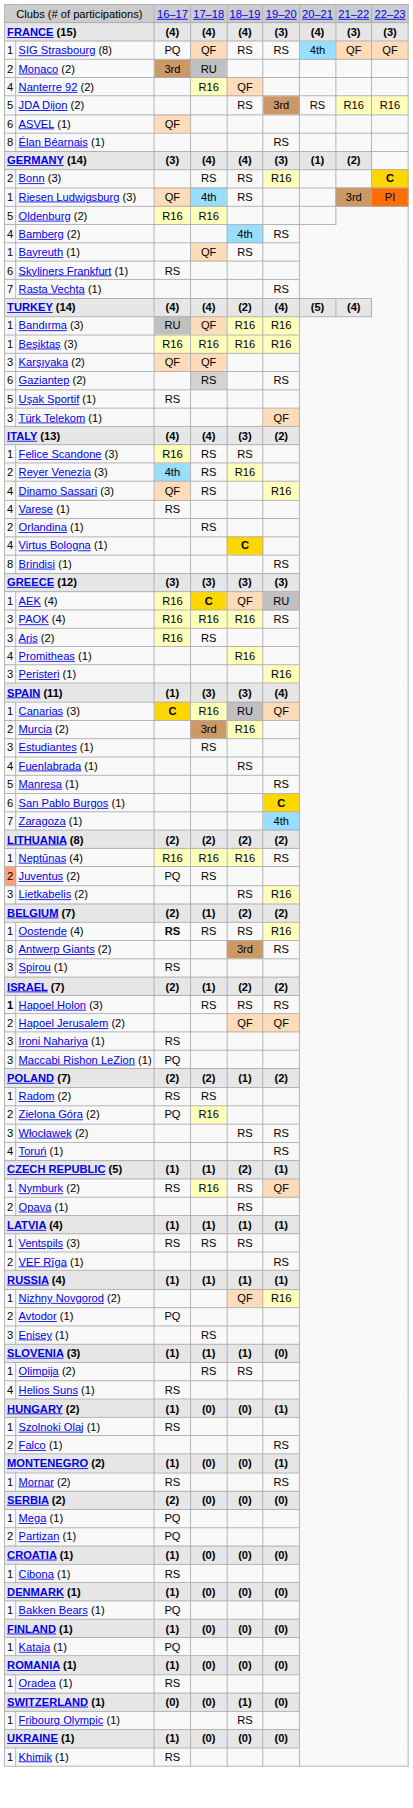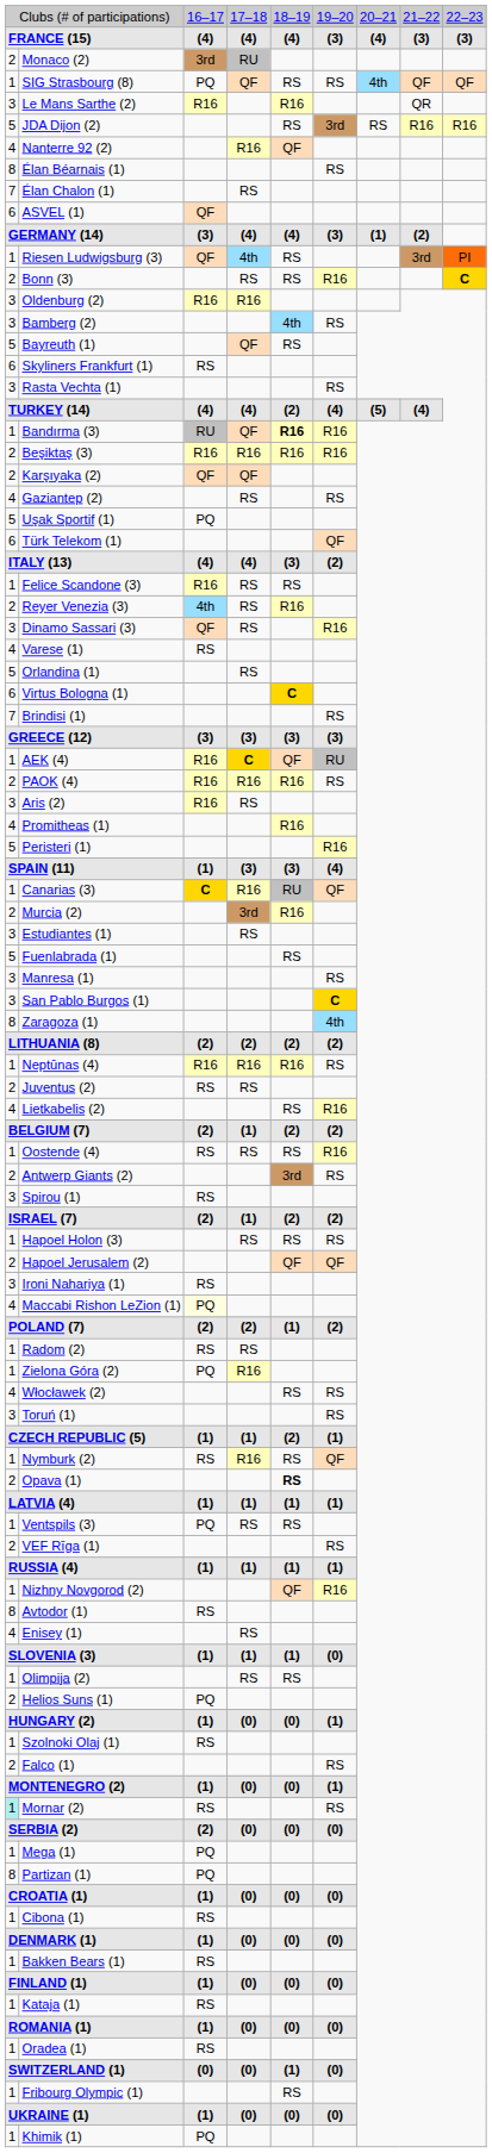 <table class=wikitable style="text-align:center;font-size:80%">
 <tr style="background:#ccc">
 <td colspan="2">Clubs (# of participations)</td>
 <td><a href='#'>16–17</a></td>
 <td><a href='#'>17–18</a></td>
 <td><a href='#'>18–19</a></td>
 <td><a href='#'>19–20</a></td>
 <td><a href='#'>20–21</a></td>
 <td><a href='#'>21–22</a></td>
 <td><a href='#'>22–23</a></td>
 </tr>
 <tr style="background:#e6e6e6">
 <td colspan="2" align="left"> <strong><a href='#'>FRANCE</a> (15)</strong></td>
 <td><strong>(4)</strong></td>
 <td><strong>(4)</strong></td>
 <td><strong>(4)</strong></td>
 <td><strong>(3)</strong></td>
 <td><strong>(4)</strong></td>
 <td><strong>(3)</strong></td>
 <td><strong>(3)</strong></td>
 </tr>
 <tr>
+<td>2</td>
+<td align="left"><a href='#'>Monaco</a> (2)</td>
+<td bgcolor="#cc9966">3rd</td>
+<td bgcolor="silver">RU</td>
+<td></td>
+<td></td>
+<td></td>
+<td></td>
+<td></td>
+</tr>
+<tr>
 <td>1</td>
 <td align="left"><a href='#'>SIG Strasbourg</a> (8)</td>
 <td>PQ</td>
 <td bgcolor="#FEDCBA">QF</td>
 <td>RS</td>
 <td>RS</td>
 <td bgcolor="#97DEFF">4th</td>
 <td bgcolor="#FEDCBA">QF</td>
 <td bgcolor="#FEDCBA">QF</td>
 </tr>
 <tr>
-<td>2</td>
-<td align="left"><a href='#'>Monaco</a> (2)</td>
-<td bgcolor="#cc9966">3rd</td>
-<td bgcolor="silver">RU</td>
+<td>3</td>
+<td align="left"><a href='#'>Le Mans Sarthe</a> (2)</td>
+<td bgcolor="#FFFFBB">R16</td>
+<td></td>
+<td bgcolor="#FFFFBB">R16</td>
 <td></td>
 <td></td>
-<td></td>
-<td></td>
-<td></td>
-</tr>
-<tr>
-<td>4</td>
-<td align="left"><a href='#'>Nanterre 92</a> (2)</td>
-<td></td>
-<td bgcolor="#FFFFBB">R16</td>
-<td bgcolor="#FEDCBA">QF</td>
-<td></td>
-<td></td>
-<td></td>
+<td>QR</td>
 <td></td>
 </tr>
 <tr>
 <td>5</td>
 <td align="left"><a href='#'>JDA Dijon</a> (2)</td>
 <td></td>
 <td></td>
 <td>RS</td>
 <td bgcolor="#CC9966">3rd</td>
 <td>RS</td>
 <td bgcolor="#FFFFBB">R16</td>
 <td bgcolor="#FFFFBB">R16</td>
 </tr>
 <tr>
-<td>6</td>
-<td align="left"><a href='#'>ASVEL</a> (1)</td>
+<td>4</td>
+<td align="left"><a href='#'>Nanterre 92</a> (2)</td>
+<td></td>
+<td bgcolor="#FFFFBB">R16</td>
 <td bgcolor="#FEDCBA">QF</td>
-<td></td>
-<td></td>
 <td></td>
 <td></td>
 <td></td>
 <td></td>
 </tr>
 <tr>
 <td>8</td>
 <td align="left"><a href='#'>Élan Béarnais</a> (1)</td>
 <td></td>
 <td></td>
 <td></td>
 <td>RS</td>
 <td></td>
 <td></td>
 <td></td>
 </tr>
+<tr>
+<td>7</td>
+<td align="left"><a href='#'>Élan Chalon</a> (1)</td>
+<td></td>
+<td>RS</td>
+<td></td>
+<td></td>
+<td></td>
+<td></td>
+<td></td>
+</tr>
+<tr>
+<td>6</td>
+<td align="left"><a href='#'>ASVEL</a> (1)</td>
+<td bgcolor="#FEDCBA">QF</td>
+<td></td>
+<td></td>
+<td></td>
+<td></td>
+<td></td>
+<td></td>
+</tr>
 <tr style="background:#e6e6e6">
 <td colspan="2" align="left"> <strong><a href='#'>GERMANY</a> (14)</strong></td>
 <td><strong>(3)</strong></td>
 <td><strong>(4)</strong></td>
 <td><strong>(4)</strong></td>
 <td><strong>(3)</strong></td>
 <td><strong>(1)</strong></td>
 <td><strong>(2)</strong></td>
+</tr>
+<tr>
+<td>1</td>
+<td align="left"><a href='#'>Riesen Ludwigsburg</a> (3)</td>
+<td bgcolor=#FEDCBA>QF</td>
+<td bgcolor=#97DEFF>4th</td>
+<td>RS</td>
+<td></td>
+<td></td>
+<td bgcolor="#CC9966">3rd</td>
+<td bgcolor=#ff6d09>PI</td>
 </tr>
 <tr>
 <td>2</td>
 <td align="left"><a href='#'>Bonn</a> (3)</td>
 <td></td>
 <td>RS</td>
 <td>RS</td>
 <td bgcolor="#FFFFBB">R16</td>
 <td></td>
 <td></td>
 <td bgcolor=gold><strong>C</strong></td>
 </tr>
 <tr>
-<td>1</td>
-<td align="left"><a href='#'>Riesen Ludwigsburg</a> (3)</td>
-<td bgcolor=#FEDCBA>QF</td>
-<td bgcolor=#97DEFF>4th</td>
-<td>RS</td>
-<td></td>
-<td></td>
-<td bgcolor="#CC9966">3rd</td>
-<td bgcolor=#ff6d09>PI</td>
-</tr>
-<tr>
-<td>5</td>
+<td>3</td>
 <td align="left"><a href='#'>Oldenburg</a> (2)</td>
 <td bgcolor=#ffffbb>R16</td>
 <td bgcolor=#ffffbb>R16</td>
 <td></td>
 <td></td>
 <td></td>
 </tr>
 <tr>
-<td>4</td>
+<td>3</td>
 <td align="left"><a href='#'>Bamberg</a> (2)</td>
 <td></td>
 <td></td>
 <td bgcolor=#97DEFF>4th</td>
 <td>RS</td>
 </tr>
 <tr>
-<td>1</td>
+<td>5</td>
 <td align="left"><a href='#'>Bayreuth</a> (1)</td>
 <td></td>
 <td bgcolor="#fedcba">QF</td>
 <td>RS</td>
 <td></td>
 </tr>
 <tr>
 <td>6</td>
 <td align="left"><a href='#'>Skyliners Frankfurt</a> (1)</td>
 <td>RS</td>
 <td></td>
 <td></td>
 <td></td>
 </tr>
 <tr>
-<td>7</td>
+<td>3</td>
 <td align="left"><a href='#'>Rasta Vechta</a> (1)</td>
 <td></td>
 <td></td>
 <td></td>
 <td>RS</td>
 </tr>
 <tr style="background:#e6e6e6">
 <td colspan="2" align="left"> <strong><a href='#'>TURKEY</a> (14)</strong></td>
 <td><strong>(4)</strong></td>
 <td><strong>(4)</strong></td>
 <td><strong>(2)</strong></td>
 <td><strong>(4)</strong></td>
 <td><strong>(5)</strong></td>
 <td><strong>(4)</strong></td>
 </tr>
 <tr>
 <td>1</td>
 <td align="left"><a href='#'>Bandırma</a> (3)</td>
 <td bgcolor="silver">RU</td>
 <td bgcolor="#FEDCBA">QF</td>
-<td bgcolor="#FFFFBB">R16</td>
+<td bgcolor="#FFFFBB"><strong>R16</strong></td>
 <td bgcolor="#FFFFBB">R16</td>
 </tr>
 <tr>
-<td>1</td>
+<td>2</td>
 <td align="left"><a href='#'>Beşiktaş</a> (3)</td>
 <td bgcolor="#FFFFBB">R16</td>
 <td bgcolor="#FFFFBB">R16</td>
 <td bgcolor="#FFFFBB">R16</td>
 <td bgcolor="#FFFFBB">R16</td>
 </tr>
 <tr>
-<td>3</td>
+<td>2</td>
 <td align="left"><a href='#'>Karşıyaka</a> (2)</td>
 <td bgcolor=#FEDCBA>QF</td>
 <td bgcolor=#FEDCBA>QF</td>
 <td></td>
 <td></td>
 </tr>
 <tr>
-<td>6</td>
+<td>4</td>
 <td align="left"><a href='#'>Gaziantep</a> (2)</td>
 <td></td>
-<td style="background: lightgrey;">RS</td>
+<td>RS</td>
 <td></td>
 <td>RS</td>
 </tr>
 <tr>
 <td>5</td>
 <td align="left"><a href='#'>Uşak Sportif</a> (1)</td>
-<td>RS</td>
+<td>PQ</td>
 <td></td>
 <td></td>
 <td></td>
 </tr>
 <tr>
-<td>3</td>
+<td>6</td>
 <td align="left"><a href='#'>Türk Telekom</a> (1)</td>
 <td></td>
 <td></td>
 <td></td>
 <td bgcolor=#FEDCBA>QF</td>
 </tr>
 <tr style="background:#e6e6e6">
 <td colspan="2" align="left"> <strong><a href='#'>ITALY</a> (13)</strong></td>
 <td><strong>(4)</strong></td>
 <td><strong>(4)</strong></td>
 <td><strong>(3)</strong></td>
 <td><strong>(2)</strong></td>
 </tr>
 <tr>
 <td>1</td>
 <td align="left"><a href='#'>Felice Scandone</a> (3)</td>
 <td bgcolor=#FFFFBB>R16</td>
 <td>RS</td>
 <td>RS</td>
 <td></td>
 </tr>
 <tr>
 <td>2</td>
 <td align="left"><a href='#'>Reyer Venezia</a> (3)</td>
 <td bgcolor=#97DEFF>4th</td>
 <td>RS</td>
 <td bgcolor="#FFFFBB">R16</td>
 <td></td>
 </tr>
 <tr>
-<td>4</td>
+<td>3</td>
 <td align="left"><a href='#'>Dinamo Sassari</a> (3)</td>
 <td bgcolor="#FEDCBA">QF</td>
 <td>RS</td>
 <td></td>
 <td bgcolor=#FFFFBB>R16</td>
 </tr>
 <tr>
 <td>4</td>
 <td align="left"><a href='#'>Varese</a> (1)</td>
 <td>RS</td>
 <td></td>
 <td></td>
 <td></td>
 </tr>
 <tr>
-<td>2</td>
+<td>5</td>
 <td align="left"><a href='#'>Orlandina</a> (1)</td>
 <td></td>
 <td>RS</td>
 <td></td>
 <td></td>
 </tr>
 <tr>
-<td>4</td>
+<td>6</td>
 <td align="left"><a href='#'>Virtus Bologna</a> (1)</td>
 <td></td>
 <td></td>
 <td bgcolor=gold><strong>C</strong></td>
 <td></td>
 </tr>
 <tr>
-<td>8</td>
+<td>7</td>
 <td align="left"><a href='#'>Brindisi</a> (1)</td>
 <td></td>
 <td></td>
 <td></td>
 <td>RS</td>
 </tr>
 <tr style="background:#e6e6e6">
 <td colspan="2" align="left"> <strong><a href='#'>GREECE</a> (12)</strong></td>
 <td><strong>(3)</strong></td>
 <td><strong>(3)</strong></td>
 <td><strong>(3)</strong></td>
 <td><strong>(3)</strong></td>
 </tr>
 <tr>
 <td>1</td>
 <td align="left"><a href='#'>AEK</a> (4)</td>
 <td bgcolor="#ffffbb">R16</td>
 <td bgcolor="gold"><strong>C</strong></td>
 <td bgcolor="#FEDCBA">QF</td>
 <td bgcolor="silver">RU</td>
 </tr>
 <tr>
-<td>3</td>
+<td>2</td>
 <td align="left"><a href='#'>PAOK</a> (4)</td>
 <td bgcolor=#ffffbb>R16</td>
 <td bgcolor=#FFFFBB>R16</td>
 <td bgcolor=#FFFFBB>R16</td>
 <td>RS</td>
 </tr>
 <tr>
 <td>3</td>
 <td align="left"><a href='#'>Aris</a> (2)</td>
 <td bgcolor="#ffffbb">R16</td>
 <td>RS</td>
 <td></td>
 <td></td>
 </tr>
 <tr>
 <td>4</td>
 <td align=left><a href='#'>Promitheas</a> (1)</td>
 <td></td>
 <td></td>
 <td bgcolor="#FFFFBB">R16</td>
 <td></td>
 </tr>
 <tr>
-<td>3</td>
+<td>5</td>
 <td align="left"><a href='#'>Peristeri</a> (1)</td>
 <td></td>
 <td></td>
 <td></td>
 <td bgcolor=#FFFFBB>R16</td>
 </tr>
 <tr style="background:#e6e6e6">
 <td colspan="2" align="left"> <strong><a href='#'>SPAIN</a> (11)</strong></td>
 <td><strong>(1)</strong></td>
 <td><strong>(3)</strong></td>
 <td><strong>(3)</strong></td>
 <td><strong>(4)</strong></td>
 </tr>
 <tr>
 <td>1</td>
 <td align="left"><a href='#'>Canarias</a> (3)</td>
 <td bgcolor="gold"><strong>C</strong></td>
 <td bgcolor="#FFFFBB">R16</td>
 <td bgcolor=silver>RU</td>
 <td bgcolor=FEDCBA>QF</td>
 </tr>
 <tr>
 <td>2</td>
 <td align="left"><a href='#'>Murcia</a> (2)</td>
 <td></td>
 <td bgcolor="#CC9966">3rd</td>
 <td bgcolor="#FFFFBB">R16</td>
 <td></td>
 </tr>
 <tr>
 <td>3</td>
 <td align="left"><a href='#'>Estudiantes</a> (1)</td>
 <td></td>
 <td>RS</td>
 <td></td>
 <td></td>
 </tr>
 <tr>
-<td>4</td>
+<td>5</td>
 <td align=left><a href='#'>Fuenlabrada</a> (1)</td>
 <td></td>
 <td></td>
 <td>RS</td>
 <td></td>
 </tr>
 <tr>
-<td>5</td>
+<td>3</td>
 <td align=left><a href='#'>Manresa</a> (1)</td>
 <td></td>
 <td></td>
 <td></td>
 <td>RS</td>
 </tr>
 <tr>
-<td>6</td>
+<td>3</td>
 <td align=left><a href='#'>San Pablo Burgos</a> (1)</td>
 <td></td>
 <td></td>
 <td></td>
 <td bgcolor=gold><strong>C</strong></td>
 </tr>
 <tr>
-<td>7</td>
+<td>8</td>
 <td align=left><a href='#'>Zaragoza</a> (1)</td>
 <td></td>
 <td></td>
 <td></td>
 <td bgcolor=#97DEFF>4th</td>
 </tr>
 <tr style="background:#e6e6e6">
 <td colspan="2" align="left"> <strong><a href='#'>LITHUANIA</a> (8)</strong></td>
 <td><strong>(2)</strong></td>
 <td><strong>(2)</strong></td>
 <td><strong>(2)</strong></td>
 <td><strong>(2)</strong></td>
 </tr>
 <tr>
 <td>1</td>
 <td align="left"><a href='#'>Neptūnas</a> (4)</td>
 <td bgcolor="#ffffbb">R16</td>
 <td bgcolor="#FFFFBB">R16</td>
 <td bgcolor="#FFFFBB">R16</td>
 <td>RS</td>
 </tr>
 <tr>
-<td style="background: lightsalmon;">2</td>
+<td>2</td>
 <td align="left"><a href='#'>Juventus</a> (2)</td>
-<td>PQ</td>
+<td>RS</td>
 <td>RS</td>
 <td></td>
 <td></td>
 </tr>
 <tr>
-<td>3</td>
+<td>4</td>
 <td align="left"><a href='#'>Lietkabelis</a> (2)</td>
 <td></td>
 <td></td>
 <td>RS</td>
 <td bgcolor="#FFFFBB">R16</td>
 </tr>
 <tr style="background:#e6e6e6">
 <td colspan="2" align="left"> <strong><a href='#'>BELGIUM</a> (7)</strong></td>
 <td><strong>(2)</strong></td>
 <td><strong>(1)</strong></td>
 <td><strong>(2)</strong></td>
 <td><strong>(2)</strong></td>
 </tr>
 <tr>
 <td>1</td>
 <td align="left"><a href='#'>Oostende</a> (4)</td>
-<td><strong>RS</strong></td>
+<td>RS</td>
 <td>RS</td>
 <td>RS</td>
 <td bgcolor=#FFFFBB>R16</td>
 </tr>
 <tr>
-<td>8</td>
+<td>2</td>
 <td align="left"><a href='#'>Antwerp Giants</a> (2)</td>
 <td></td>
 <td></td>
 <td bgcolor=#cc9966>3rd</td>
 <td>RS</td>
 </tr>
 <tr>
 <td>3</td>
 <td align="left"><a href='#'>Spirou</a> (1)</td>
 <td>RS</td>
 <td></td>
 <td></td>
 <td></td>
 </tr>
 <tr style="background:#e6e6e6">
 <td colspan="2" align="left"> <strong><a href='#'>ISRAEL</a> (7)</strong></td>
 <td><strong>(2)</strong></td>
 <td><strong>(1)</strong></td>
 <td><strong>(2)</strong></td>
 <td><strong>(2)</strong></td>
 </tr>
 <tr>
-<td><strong>1</strong></td>
+<td>1</td>
 <td align="left"><a href='#'>Hapoel Holon</a> (3)</td>
 <td></td>
 <td>RS</td>
 <td>RS</td>
 <td>RS</td>
 </tr>
 <tr>
 <td>2</td>
 <td align="left"><a href='#'>Hapoel Jerusalem</a> (2)</td>
 <td></td>
 <td></td>
 <td bgcolor="#FEDCBA">QF</td>
 <td bgcolor="#FEDCBA">QF</td>
 </tr>
 <tr>
 <td>3</td>
 <td align="left"><a href='#'>Ironi Nahariya</a> (1)</td>
 <td>RS</td>
 <td></td>
 <td></td>
 <td></td>
 </tr>
 <tr>
-<td>3</td>
+<td>4</td>
 <td align="left"><a href='#'>Maccabi Rishon LeZion</a> (1)</td>
-<td>PQ</td>
+<td style="background: lightyellow;">PQ</td>
 <td></td>
 <td></td>
 <td></td>
 </tr>
 <tr style="background:#e6e6e6">
 <td colspan="2" align="left"> <strong><a href='#'>POLAND</a> (7)</strong></td>
 <td><strong>(2)</strong></td>
 <td><strong>(2)</strong></td>
 <td><strong>(1)</strong></td>
 <td><strong>(2)</strong></td>
 </tr>
 <tr>
 <td>1</td>
 <td align="left"><a href='#'>Radom</a> (2)</td>
 <td>RS</td>
 <td>RS</td>
 <td></td>
 <td></td>
 </tr>
 <tr>
-<td>2</td>
+<td>1</td>
 <td align="left"><a href='#'>Zielona Góra</a> (2)</td>
 <td>PQ</td>
 <td bgcolor=#ffffbb>R16</td>
 <td></td>
 <td></td>
 </tr>
 <tr>
-<td>3</td>
+<td>4</td>
 <td align="left"><a href='#'>Włocławek</a> (2)</td>
 <td></td>
 <td></td>
 <td>RS</td>
 <td>RS</td>
 </tr>
 <tr>
-<td>4</td>
+<td>3</td>
 <td align="left"><a href='#'>Toruń</a> (1)</td>
 <td></td>
 <td></td>
 <td></td>
 <td>RS</td>
 </tr>
 <tr style="background:#e6e6e6">
 <td colspan="2" align="left"> <strong><a href='#'>CZECH REPUBLIC</a> (5)</strong></td>
 <td><strong>(1)</strong></td>
 <td><strong>(1)</strong></td>
 <td><strong>(2)</strong></td>
 <td><strong>(1)</strong></td>
 </tr>
 <tr>
 <td>1</td>
 <td align="left"><a href='#'>Nymburk</a> (2)</td>
 <td>RS</td>
 <td bgcolor="#FFFFBB">R16</td>
 <td>RS</td>
 <td bgcolor="#FEDCBA">QF</td>
 </tr>
 <tr>
 <td>2</td>
 <td align="left"><a href='#'>Opava</a> (1)</td>
 <td></td>
 <td></td>
-<td>RS</td>
+<td><strong>RS</strong></td>
 <td></td>
 </tr>
 <tr style="background:#e6e6e6">
 <td colspan="2" align="left"> <strong><a href='#'>LATVIA</a> (4)</strong></td>
 <td><strong>(1)</strong></td>
 <td><strong>(1)</strong></td>
 <td><strong>(1)</strong></td>
 <td><strong>(1)</strong></td>
 </tr>
 <tr>
 <td>1</td>
 <td align="left"><a href='#'>Ventspils</a> (3)</td>
-<td>RS</td>
+<td>PQ</td>
 <td>RS</td>
 <td>RS</td>
 <td></td>
 </tr>
 <tr>
 <td>2</td>
 <td align="left"><a href='#'>VEF Rīga</a> (1)</td>
 <td></td>
 <td></td>
 <td></td>
 <td>RS</td>
 </tr>
 <tr style="background:#e6e6e6">
 <td colspan="2" align="left"> <strong><a href='#'>RUSSIA</a> (4)</strong></td>
 <td><strong>(1)</strong></td>
 <td><strong>(1)</strong></td>
 <td><strong>(1)</strong></td>
 <td><strong>(1)</strong></td>
 </tr>
 <tr>
 <td>1</td>
 <td align="left"><a href='#'>Nizhny Novgorod</a> (2)</td>
 <td></td>
 <td></td>
 <td bgcolor="#FEDCBA">QF</td>
 <td bgcolor="#FFFFBB">R16</td>
 </tr>
 <tr>
-<td>2</td>
+<td>8</td>
 <td align="left"><a href='#'>Avtodor</a> (1)</td>
-<td>PQ</td>
+<td>RS</td>
 <td></td>
 <td></td>
 <td></td>
 </tr>
 <tr>
-<td>3</td>
+<td>4</td>
 <td align="left"><a href='#'>Enisey</a> (1)</td>
 <td></td>
 <td>RS</td>
 <td></td>
 <td></td>
 </tr>
 <tr style="background:#e6e6e6">
 <td colspan="2" align="left"> <strong><a href='#'>SLOVENIA</a> (3)</strong></td>
 <td><strong>(1)</strong></td>
 <td><strong>(1)</strong></td>
 <td><strong>(1)</strong></td>
 <td><strong>(0)</strong></td>
 </tr>
 <tr>
 <td>1</td>
 <td align="left"><a href='#'>Olimpija</a> (2)</td>
 <td></td>
 <td>RS</td>
 <td>RS</td>
 <td></td>
 </tr>
 <tr>
-<td>4</td>
+<td>2</td>
 <td align="left"><a href='#'>Helios Suns</a> (1)</td>
-<td>RS</td>
+<td>PQ</td>
 <td></td>
 <td></td>
 <td></td>
 </tr>
 <tr style="background:#e6e6e6">
 <td colspan="2" align="left"> <strong><a href='#'>HUNGARY</a> (2)</strong></td>
 <td><strong>(1)</strong></td>
 <td><strong>(0)</strong></td>
 <td><strong>(0)</strong></td>
 <td><strong>(1)</strong></td>
 </tr>
 <tr>
 <td>1</td>
 <td align="left"><a href='#'>Szolnoki Olaj</a> (1)</td>
 <td>RS</td>
 <td></td>
 <td></td>
 <td></td>
 </tr>
 <tr>
 <td>2</td>
 <td align="left"><a href='#'>Falco</a> (1)</td>
 <td></td>
 <td></td>
 <td></td>
 <td>RS</td>
 </tr>
 <tr style="background:#e6e6e6">
 <td colspan="2" align="left"> <strong><a href='#'>MONTENEGRO</a> (2)</strong></td>
 <td><strong>(1)</strong></td>
 <td><strong>(0)</strong></td>
 <td><strong>(0)</strong></td>
 <td><strong>(1)</strong></td>
 </tr>
 <tr>
-<td>1</td>
+<td style="background: paleturquoise;">1</td>
 <td align="left"><a href='#'>Mornar</a> (2)</td>
 <td>RS</td>
 <td></td>
 <td></td>
 <td>RS</td>
 </tr>
 <tr style="background:#e6e6e6">
 <td colspan="2" align="left"> <strong><a href='#'>SERBIA</a> (2)</strong></td>
 <td><strong>(2)</strong></td>
 <td><strong>(0)</strong></td>
 <td><strong>(0)</strong></td>
 <td><strong>(0)</strong></td>
 </tr>
 <tr>
 <td>1</td>
 <td align="left"><a href='#'>Mega</a> (1)</td>
 <td>PQ</td>
 <td></td>
 <td></td>
 <td></td>
 </tr>
 <tr>
-<td>2</td>
+<td>8</td>
 <td align="left"><a href='#'>Partizan</a> (1)</td>
 <td>PQ</td>
 <td></td>
 <td></td>
 <td></td>
 </tr>
 <tr style="background:#e6e6e6">
 <td colspan="2" align="left"> <strong><a href='#'>CROATIA</a> (1)</strong></td>
 <td><strong>(1)</strong></td>
 <td><strong>(0)</strong></td>
 <td><strong>(0)</strong></td>
 <td><strong>(0)</strong></td>
 </tr>
 <tr>
 <td>1</td>
 <td align="left"><a href='#'>Cibona</a> (1)</td>
 <td>RS</td>
 <td></td>
 <td></td>
 <td></td>
 </tr>
 <tr style="background:#e6e6e6">
 <td colspan="2" align="left"> <strong><a href='#'>DENMARK</a> (1)</strong></td>
 <td><strong>(1)</strong></td>
 <td><strong>(0)</strong></td>
 <td><strong>(0)</strong></td>
 <td><strong>(0)</strong></td>
 </tr>
 <tr>
 <td>1</td>
 <td align="left"><a href='#'>Bakken Bears</a> (1)</td>
-<td>PQ</td>
+<td>RS</td>
 <td></td>
 <td></td>
 <td></td>
 </tr>
 <tr style="background:#e6e6e6">
 <td colspan="2" align="left"> <strong><a href='#'>FINLAND</a> (1)</strong></td>
 <td><strong>(1)</strong></td>
 <td><strong>(0)</strong></td>
 <td><strong>(0)</strong></td>
 <td><strong>(0)</strong></td>
 </tr>
 <tr>
 <td>1</td>
 <td align="left"><a href='#'>Kataja</a> (1)</td>
-<td>PQ</td>
+<td>RS</td>
 <td></td>
 <td></td>
 <td></td>
 </tr>
 <tr style="background:#e6e6e6">
 <td colspan="2" align="left"> <strong><a href='#'>ROMANIA</a> (1)</strong></td>
 <td><strong>(1)</strong></td>
 <td><strong>(0)</strong></td>
 <td><strong>(0)</strong></td>
 <td><strong>(0)</strong></td>
 </tr>
 <tr>
 <td>1</td>
 <td align="left"><a href='#'>Oradea</a> (1)</td>
 <td>RS</td>
 <td></td>
 <td></td>
 <td></td>
 </tr>
 <tr style="background:#e6e6e6">
 <td colspan="2" align="left"> <strong><a href='#'>SWITZERLAND</a> (1)</strong></td>
 <td><strong>(0)</strong></td>
 <td><strong>(0)</strong></td>
 <td><strong>(1)</strong></td>
 <td><strong>(0)</strong></td>
 </tr>
 <tr>
 <td>1</td>
 <td align="left"><a href='#'>Fribourg Olympic</a> (1)</td>
 <td></td>
 <td></td>
 <td>RS</td>
 <td></td>
 </tr>
 <tr style="background:#e6e6e6">
 <td colspan="2" align="left"> <strong><a href='#'>UKRAINE</a> (1)</strong></td>
 <td><strong>(1)</strong></td>
 <td><strong>(0)</strong></td>
 <td><strong>(0)</strong></td>
 <td><strong>(0)</strong></td>
 </tr>
 <tr>
 <td>1</td>
 <td align="left"><a href='#'>Khimik</a> (1)</td>
-<td>RS</td>
+<td>PQ</td>
 <td></td>
 <td></td>
 <td></td>
 </tr>
 </table>
